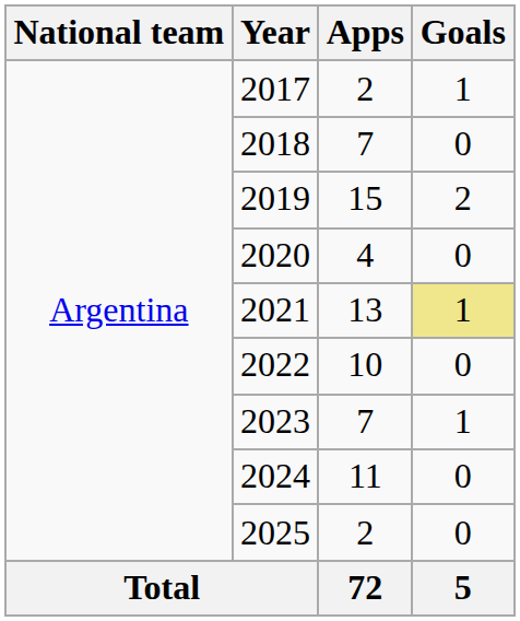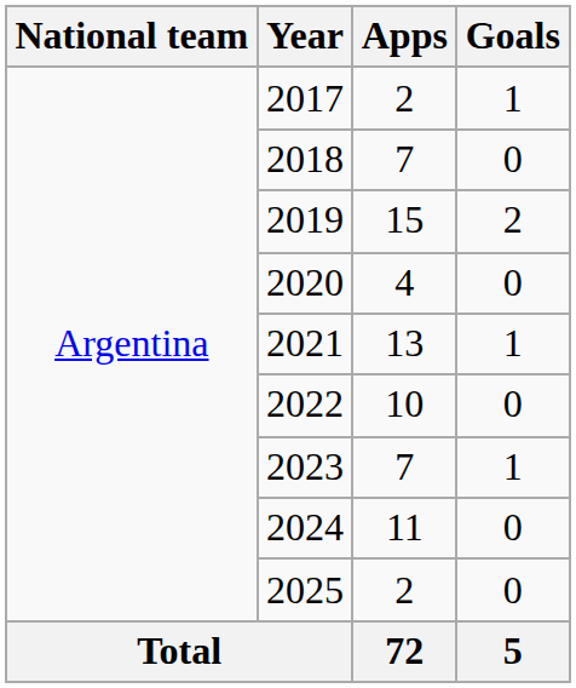 <table class="wikitable" style="text-align:center">
 <tr>
 <th>National team</th>
 <th>Year</th>
 <th>Apps</th>
 <th>Goals</th>
 </tr>
 <tr>
 <td rowspan="9"><a href='#'>Argentina</a></td>
 <td>2017</td>
 <td>2</td>
 <td>1</td>
 </tr>
 <tr>
 <td>2018</td>
 <td>7</td>
 <td>0</td>
 </tr>
 <tr>
 <td>2019</td>
 <td>15</td>
 <td>2</td>
 </tr>
 <tr>
 <td>2020</td>
 <td>4</td>
 <td>0</td>
 </tr>
 <tr>
 <td>2021</td>
 <td>13</td>
-<td style="background: khaki;">1</td>
+<td>1</td>
 </tr>
 <tr>
 <td>2022</td>
 <td>10</td>
 <td>0</td>
 </tr>
 <tr>
 <td>2023</td>
 <td>7</td>
 <td>1</td>
 </tr>
 <tr>
 <td>2024</td>
 <td>11</td>
 <td>0</td>
 </tr>
 <tr>
 <td>2025</td>
 <td>2</td>
 <td>0</td>
 </tr>
 <tr>
 <th colspan="2">Total</th>
 <th>72</th>
 <th>5</th>
 </tr>
 </table>
